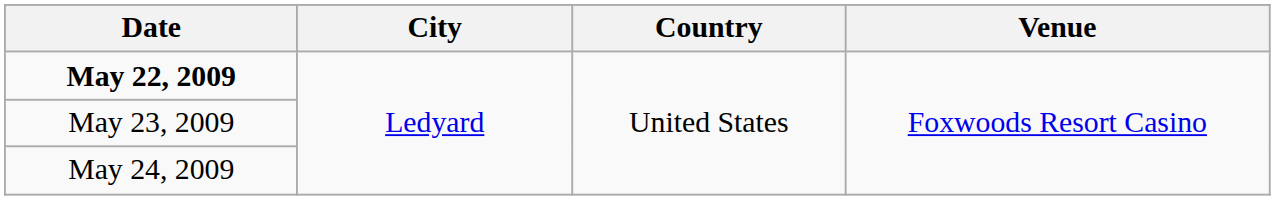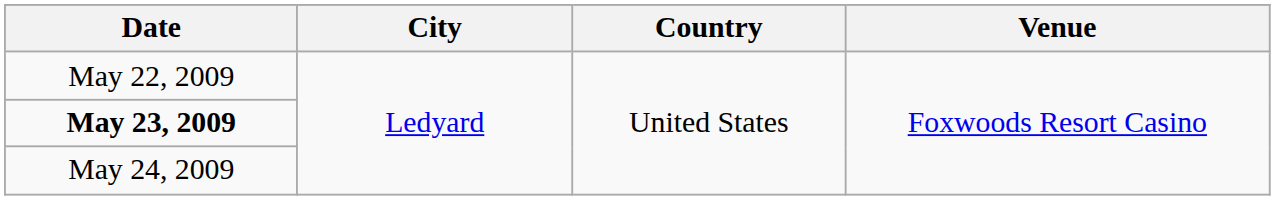 <table class="wikitable" style="text-align:center;">
 <tr>
 <th width="150">Date</th>
 <th width="140">City</th>
 <th width="140">Country</th>
 <th width="220">Venue</th>
 </tr>
 <tr>
-<td><strong>May 22, 2009</strong></td>
+<td>May 22, 2009</td>
 <td rowspan="3"><a href='#'>Ledyard</a></td>
 <td rowspan="3">United States</td>
 <td rowspan="3"><a href='#'>Foxwoods Resort Casino</a></td>
 </tr>
 <tr>
-<td>May 23, 2009</td>
+<td><strong>May 23, 2009</strong></td>
 </tr>
 <tr>
 <td>May 24, 2009</td>
 </tr>
 </table>
